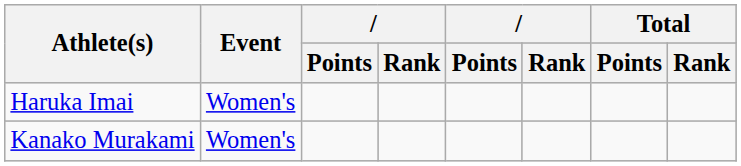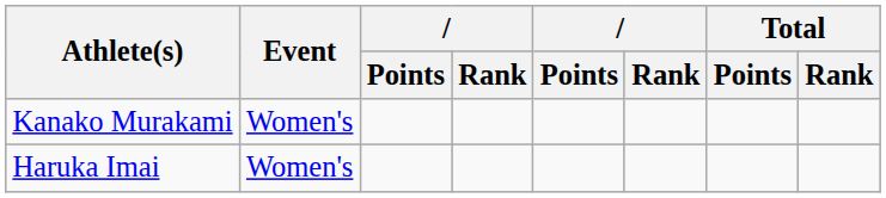 <table class="wikitable">
 <tr>
 <th rowspan="2">Athlete(s)</th>
 <th rowspan="2">Event</th>
 <th colspan="2">/</th>
 <th colspan="2">/</th>
 <th colspan="2">Total</th>
 </tr>
 <tr>
 <th>Points</th>
 <th>Rank</th>
 <th>Points</th>
 <th>Rank</th>
 <th>Points</th>
 <th>Rank</th>
 </tr>
 <tr>
+<td><a href='#'>Kanako Murakami</a></td>
+<td><a href='#'>Women's</a></td>
+<td></td>
+<td></td>
+<td></td>
+<td></td>
+<td></td>
+<td></td>
+</tr>
+<tr>
 <td><a href='#'>Haruka Imai</a></td>
 <td><a href='#'>Women's</a></td>
 <td></td>
 <td></td>
 <td></td>
 <td></td>
 <td></td>
 <td></td>
 </tr>
-<tr>
-<td><a href='#'>Kanako Murakami</a></td>
-<td><a href='#'>Women's</a></td>
-<td></td>
-<td></td>
-<td></td>
-<td></td>
-<td></td>
-<td></td>
-</tr>
 </table>
